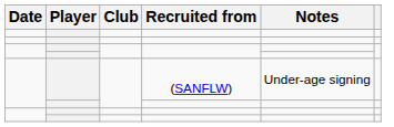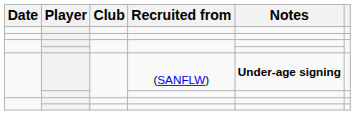 <table class="wikitable sortable plainrowheaders" style="text-align:center;">
 <tr>
 <th scope="col">Date</th>
 <th scope="col">Player</th>
 <th scope="col">Club</th>
 <th scope="col">Recruited from</th>
 <th class="unsortable">Notes</th>
 <th class="unsortable"></th>
 </tr>
 <tr>
 <td></td>
 <th scope="row"></th>
 <td></td>
 <td></td>
 <td></td>
 <td></td>
 </tr>
 <tr>
 <td></td>
 <th scope="row"></th>
 <td></td>
 <td></td>
 <td></td>
 <td></td>
 </tr>
 <tr>
 <td rowspan=2></td>
 <th scope="row"></th>
 <td rowspan=2></td>
 <td rowspan=2></td>
 <td></td>
 <td rowspan=2></td>
 </tr>
 <tr>
 <th scope="row"></th>
 <td></td>
 </tr>
 <tr>
 <td rowspan=2></td>
 <th scope="row"></th>
 <td rowspan=2></td>
 <td><br><small>(<a href='#'>SANFLW</a>)</small></td>
-<td><small>Under-age signing</small></td>
+<td><strong><small>Under-age signing</small></strong></td>
 <td></td>
 </tr>
 <tr>
 <th scope="row"></th>
 <td></td>
 <td></td>
 <td></td>
 </tr>
 <tr>
 <td rowspan=2></td>
 <th scope="row"></th>
 <td></td>
 <td></td>
 <td></td>
 <td></td>
 </tr>
 <tr>
 <th scope="row"></th>
 <td></td>
 <td></td>
 <td></td>
 <td></td>
 </tr>
 </table>
